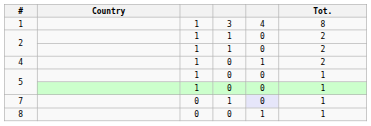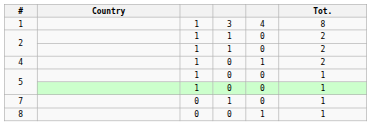 <table class="wikitable" width=30% style="font-size:100%; text-align:center;">
 <tr>
 <th>#</th>
 <th>Country</th>
 <th></th>
 <th></th>
 <th></th>
 <th>Tot.</th>
 </tr>
 <tr>
 <td>1</td>
 <td style="text-align: left"></td>
 <td>1</td>
 <td>3</td>
 <td>4</td>
 <td>8</td>
 </tr>
 <tr>
 <td rowspan=2>2</td>
 <td style="text-align: left"></td>
 <td>1</td>
 <td>1</td>
 <td>0</td>
 <td>2</td>
 </tr>
 <tr>
 <td style="text-align: left"></td>
 <td>1</td>
 <td>1</td>
 <td>0</td>
 <td>2</td>
 </tr>
 <tr>
 <td>4</td>
 <td style="text-align: left"></td>
 <td>1</td>
 <td>0</td>
 <td>1</td>
 <td>2</td>
 </tr>
 <tr>
 <td rowspan=2>5</td>
 <td style="text-align: left"></td>
 <td>1</td>
 <td>0</td>
 <td>0</td>
 <td>1</td>
 </tr>
 <tr bgcolor=ccffcc>
 <td style="text-align: left"></td>
 <td>1</td>
 <td>0</td>
 <td>0</td>
 <td>1</td>
 </tr>
 <tr>
 <td>7</td>
 <td style="text-align: left"></td>
 <td>0</td>
 <td>1</td>
-<td style="background: lavender;">0</td>
+<td>0</td>
 <td>1</td>
 </tr>
 <tr>
 <td>8</td>
 <td style="text-align: left"></td>
 <td>0</td>
 <td>0</td>
 <td>1</td>
 <td>1</td>
 </tr>
 </table>
